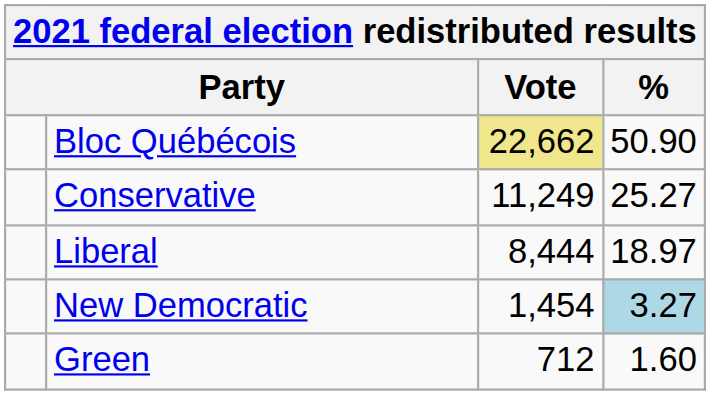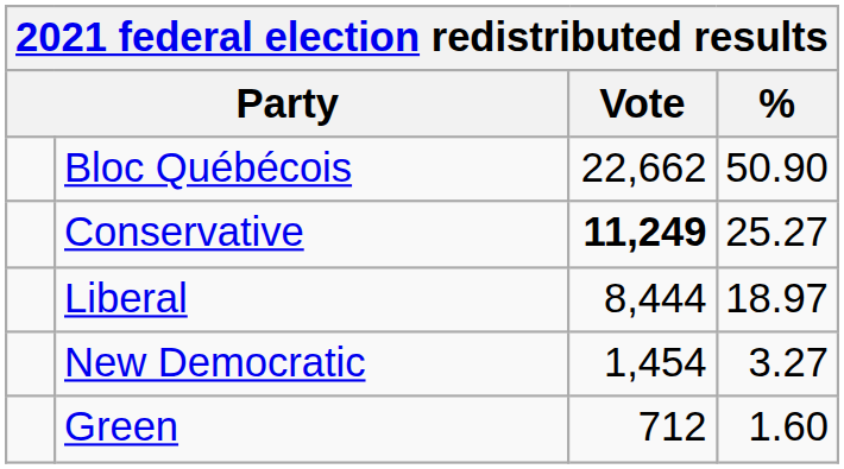 <table class="wikitable">
 <tr>
 <th colspan="4"><a href='#'>2021 federal election</a> redistributed results</th>
 </tr>
 <tr>
 <th bgcolor="#DDDDFF" width="130px" colspan="2">Party</th>
 <th bgcolor="#DDDDFF" width="50px">Vote</th>
 <th bgcolor="#DDDDFF" width="30px">%</th>
 </tr>
 <tr>
 <td> </td>
 <td><a href='#'>Bloc Québécois</a></td>
-<td align=right style="background: khaki;">22,662</td>
+<td align=right>22,662</td>
 <td align=right>50.90</td>
 </tr>
 <tr>
 <td> </td>
 <td><a href='#'>Conservative</a></td>
-<td align=right>11,249</td>
+<td align=right><strong>11,249</strong></td>
 <td align=right>25.27</td>
 </tr>
 <tr>
 <td> </td>
 <td><a href='#'>Liberal</a></td>
 <td align=right>8,444</td>
 <td align=right>18.97</td>
 </tr>
 <tr>
 <td> </td>
 <td><a href='#'>New Democratic</a></td>
 <td align=right>1,454</td>
-<td align=right style="background: lightblue;">3.27</td>
+<td align=right>3.27</td>
 </tr>
 <tr>
 <td> </td>
 <td><a href='#'>Green</a></td>
 <td align=right>712</td>
 <td align=right>1.60</td>
 </tr>
 </table>
